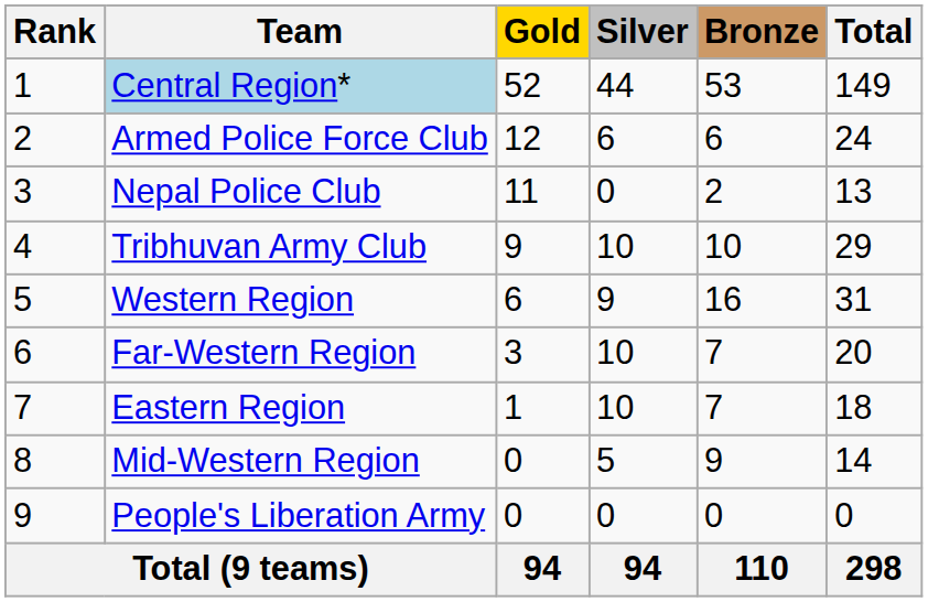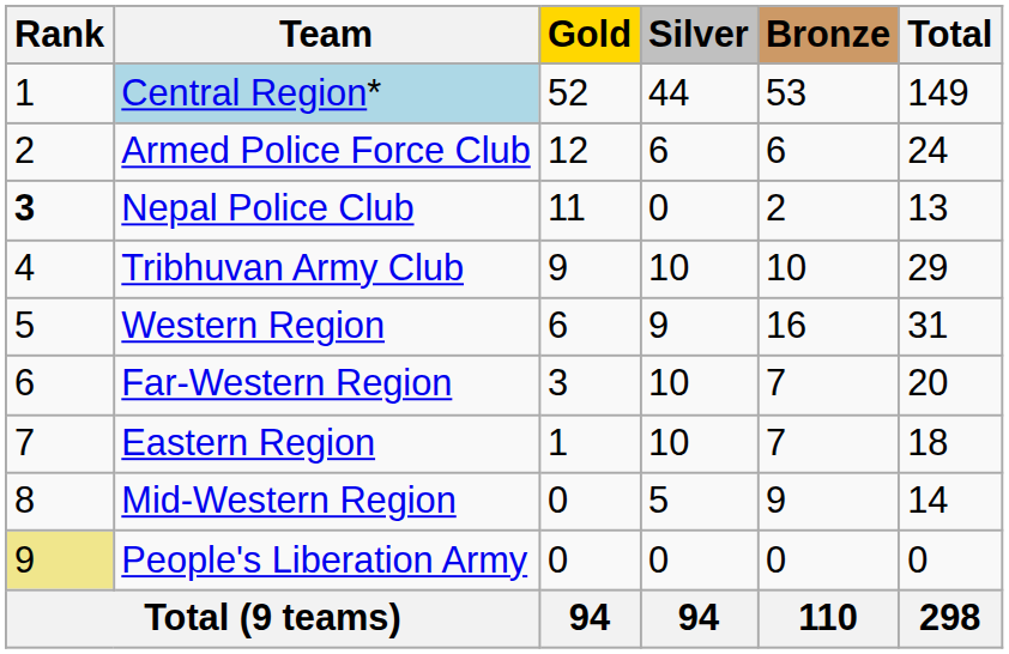 <table class="wikitable sortable">
 <tr>
 <th>Rank</th>
 <th>Team</th>
 <th style="background:gold">Gold</th>
 <th style="background:silver">Silver</th>
 <th style="background:#cc9966">Bronze</th>
 <th>Total</th>
 </tr>
 <tr>
 <td>1</td>
 <td style="background:lightblue"><a href='#'>Central Region</a>*</td>
 <td>52</td>
 <td>44</td>
 <td>53</td>
 <td>149</td>
 </tr>
 <tr>
 <td>2</td>
 <td><a href='#'>Armed Police Force Club</a></td>
 <td>12</td>
 <td>6</td>
 <td>6</td>
 <td>24</td>
 </tr>
 <tr>
-<td>3</td>
+<td><strong>3</strong></td>
 <td><a href='#'>Nepal Police Club</a></td>
 <td>11</td>
 <td>0</td>
 <td>2</td>
 <td>13</td>
 </tr>
 <tr>
 <td>4</td>
 <td><a href='#'>Tribhuvan Army Club</a></td>
 <td>9</td>
 <td>10</td>
 <td>10</td>
 <td>29</td>
 </tr>
 <tr>
 <td>5</td>
 <td><a href='#'>Western Region</a></td>
 <td>6</td>
 <td>9</td>
 <td>16</td>
 <td>31</td>
 </tr>
 <tr>
 <td>6</td>
 <td><a href='#'>Far-Western Region</a></td>
 <td>3</td>
 <td>10</td>
 <td>7</td>
 <td>20</td>
 </tr>
 <tr>
 <td>7</td>
 <td><a href='#'>Eastern Region</a></td>
 <td>1</td>
 <td>10</td>
 <td>7</td>
 <td>18</td>
 </tr>
 <tr>
 <td>8</td>
 <td><a href='#'>Mid-Western Region</a></td>
 <td>0</td>
 <td>5</td>
 <td>9</td>
 <td>14</td>
 </tr>
 <tr>
-<td>9</td>
+<td style="background: khaki;">9</td>
 <td><a href='#'>People's Liberation Army</a></td>
 <td>0</td>
 <td>0</td>
 <td>0</td>
 <td>0</td>
 </tr>
 <tr>
 <th colspan="2">Total (9 teams)</th>
 <th>94</th>
 <th>94</th>
 <th>110</th>
 <th>298</th>
 </tr>
 </table>
